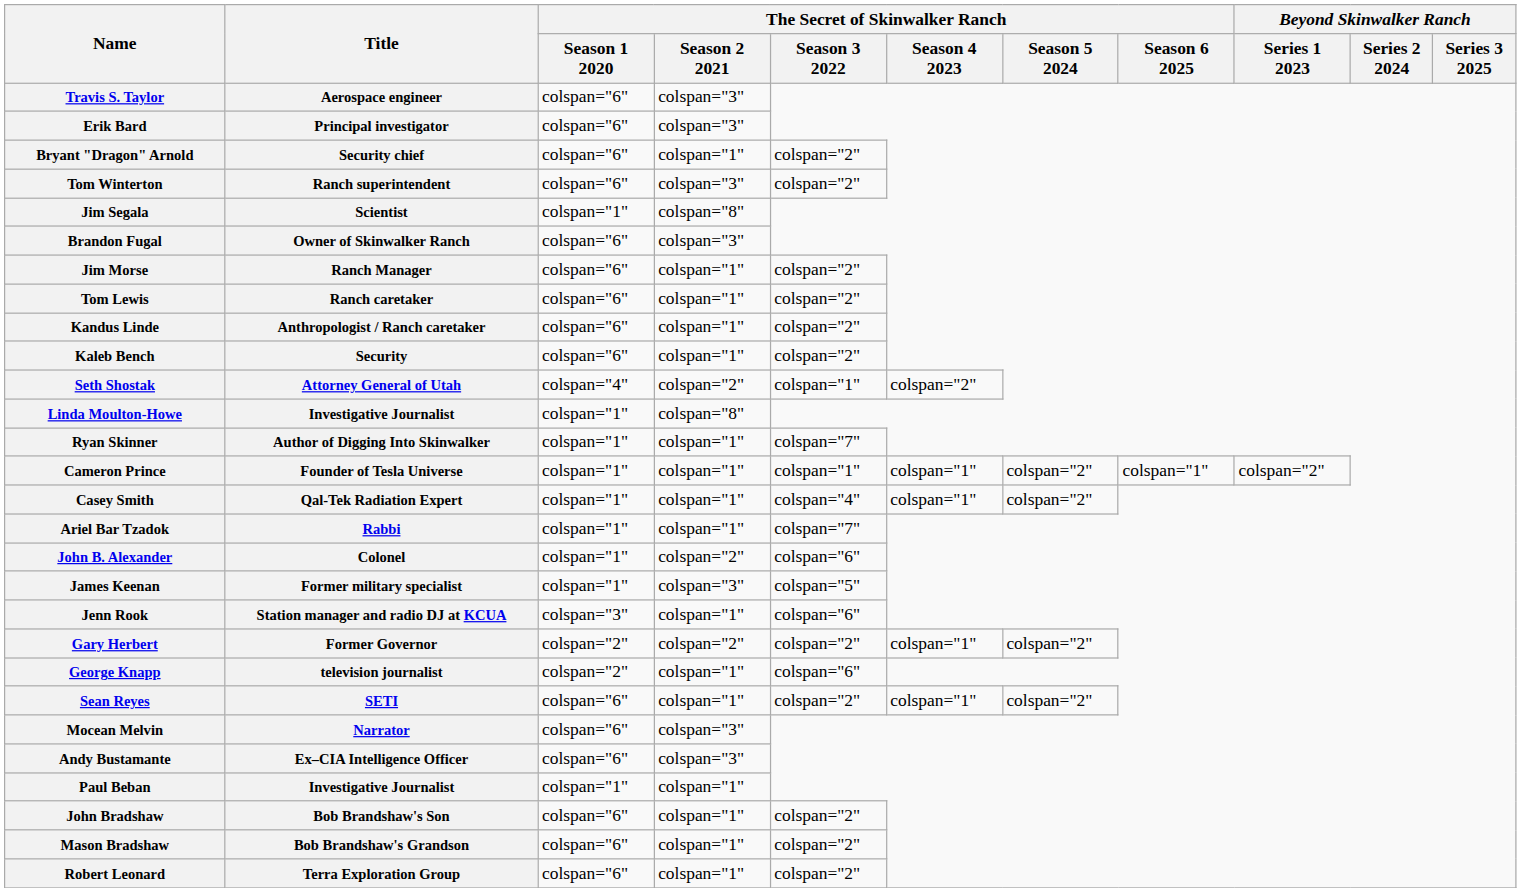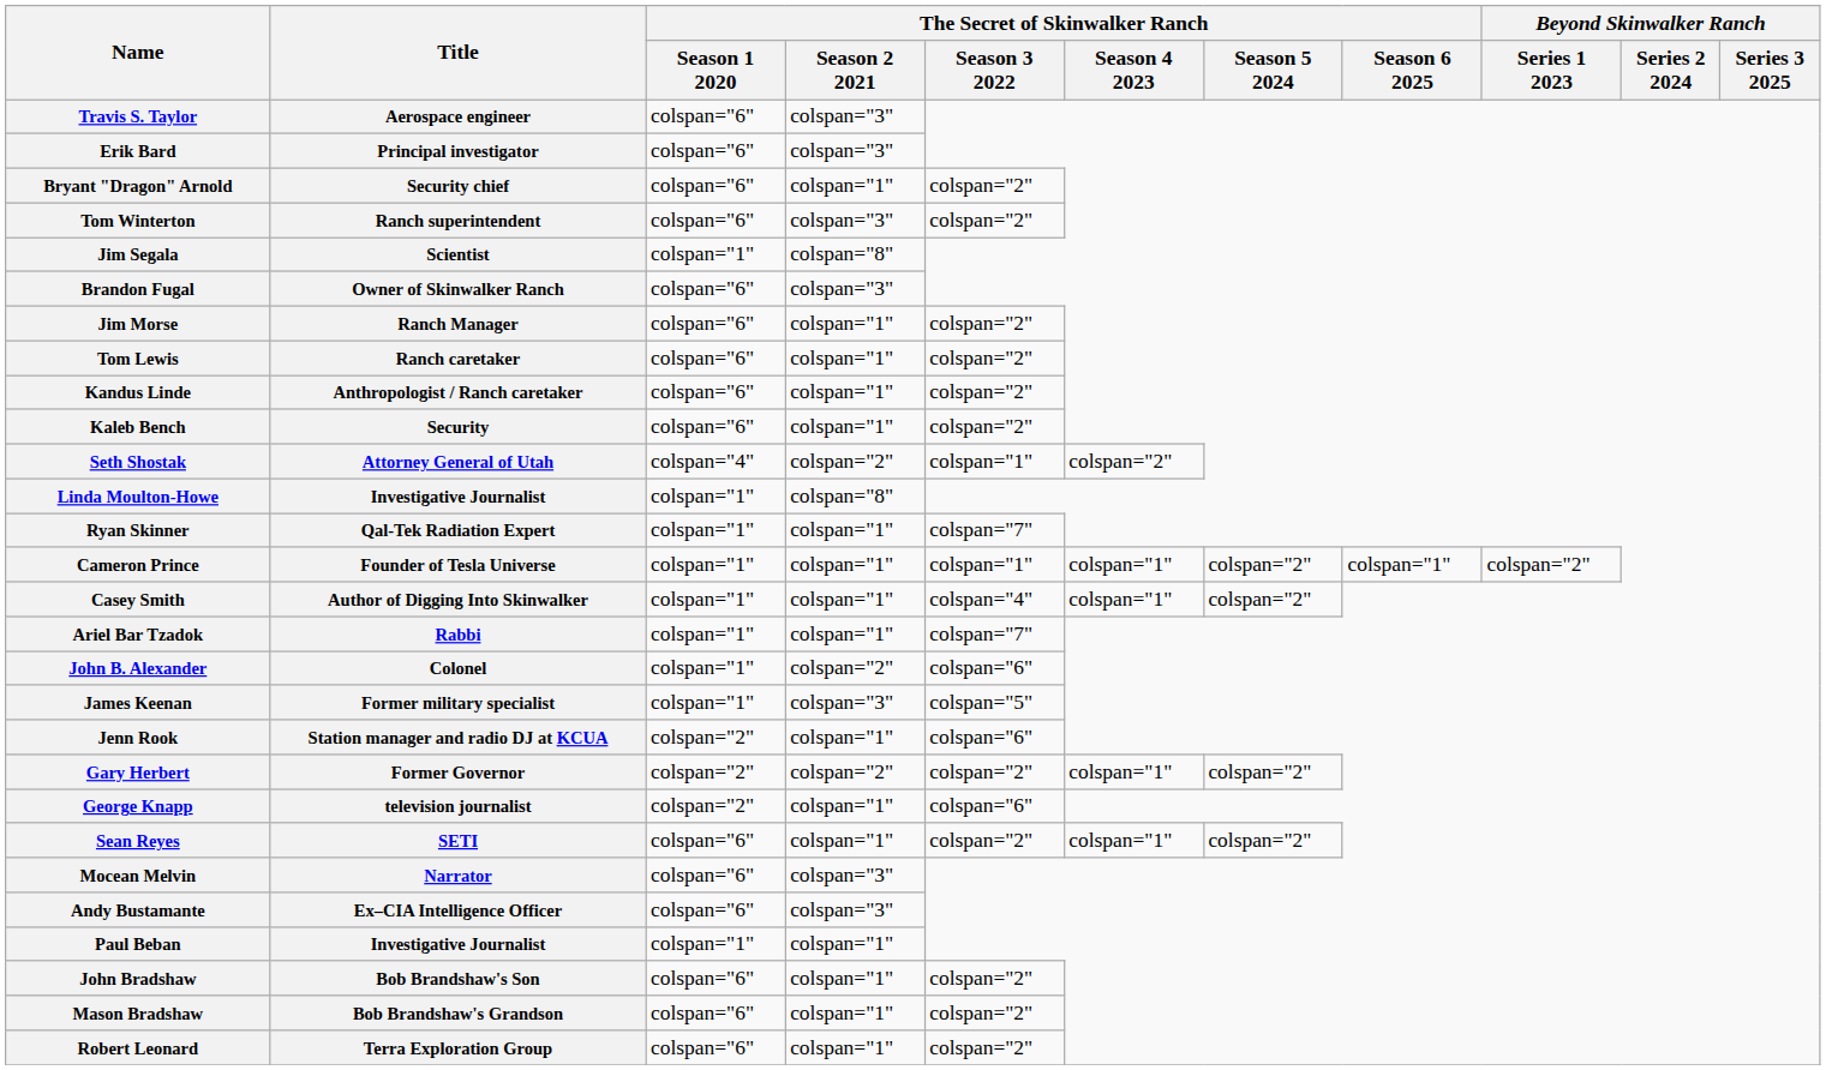 <table class="wikitable" style="font-size: 90%; wisth:100%;">
 <tr>
 <th scope="col" rowspan="2" style="width:10%;">Name</th>
 <th scope="col" rowspan="2" style="width:10%;">Title</th>
 <th scope="col" colspan="6" style="width:10%;"><strong>The Secret of Skinwalker Ranch</strong></th>
 <th scope="col" colspan="3" style="width:10%;"><em>Beyond Skinwalker Ranch</em></th>
 </tr>
 <tr>
 <th scope="col" style="width:4%;">Season 1 <br> 2020</th>
 <th scope="col" style="width:4%;">Season 2 <br> 2021</th>
 <th scope="col" style="width:4%;">Season 3 <br> 2022</th>
 <th scope="col" style="width:4%;">Season 4 <br> 2023</th>
 <th scope="col" style="width:4%;">Season 5 <br> 2024</th>
 <th scope="col" style="width:4%;">Season 6 <br> 2025</th>
 <th scope="col" style="width:4%;">Series 1 <br> 2023</th>
 <th scope="col" style="width:4%;">Series 2 <br> 2024</th>
 <th scope="col" style="width:4%;">Series 3 <br> 2025</th>
 </tr>
 <tr>
 <th nowrap><small><a href='#'>Travis S. Taylor</a></small></th>
 <th nowrap><small> Aerospace engineer</small></th>
 <td>colspan="6" </td>
 <td>colspan="3" </td>
 </tr>
 <tr>
 <th nowrap><small>Erik Bard</small></th>
 <th nowrap><small> Principal investigator</small></th>
 <td>colspan="6" </td>
 <td>colspan="3" </td>
 </tr>
 <tr>
 <th nowrap><small> Bryant "Dragon" Arnold</small></th>
 <th nowrap><small> Security chief</small></th>
 <td>colspan="6" </td>
 <td>colspan="1" </td>
 <td>colspan="2" </td>
 </tr>
 <tr>
 <th nowrap><small> Tom Winterton</small></th>
 <th nowrap><small> Ranch superintendent</small></th>
 <td>colspan="6" </td>
 <td>colspan="3" </td>
 <td>colspan="2" </td>
 </tr>
 <tr>
 <th nowrap><small> Jim Segala</small></th>
 <th nowrap><small> Scientist </small></th>
 <td>colspan="1" </td>
 <td>colspan="8" </td>
 </tr>
 <tr>
 <th nowrap><small> Brandon Fugal</small></th>
 <th nowrap><small> Owner of Skinwalker Ranch</small></th>
 <td>colspan="6" </td>
 <td>colspan="3" </td>
 </tr>
 <tr>
 <th nowrap><small> Jim Morse</small></th>
 <th nowrap><small> Ranch Manager</small></th>
 <td>colspan="6" </td>
 <td>colspan="1" </td>
 <td>colspan="2" </td>
 </tr>
 <tr>
 <th nowrap><small> Tom Lewis</small></th>
 <th nowrap><small> Ranch caretaker</small></th>
 <td>colspan="6" </td>
 <td>colspan="1" </td>
 <td>colspan="2" </td>
 </tr>
 <tr>
 <th nowrap><small> Kandus Linde</small></th>
 <th nowrap><small> Anthropologist / Ranch caretaker</small></th>
 <td>colspan="6" </td>
 <td>colspan="1" </td>
 <td>colspan="2" </td>
 </tr>
 <tr>
 <th nowrap><small> Kaleb Bench</small></th>
 <th nowrap><small> Security</small></th>
 <td>colspan="6" </td>
 <td>colspan="1" </td>
 <td>colspan="2" </td>
 </tr>
 <tr>
 <th nowrap><small> <a href='#'>Seth Shostak </a></small></th>
 <th nowrap><small><a href='#'>Attorney General of Utah</a></small></th>
 <td>colspan="4" </td>
 <td>colspan="2" </td>
 <td>colspan="1" </td>
 <td>colspan="2" </td>
 </tr>
 <tr>
 <th nowrap><small> <a href='#'>Linda Moulton-Howe</a></small></th>
 <th nowrap><small> Investigative Journalist</small></th>
 <td>colspan="1" </td>
 <td>colspan="8" </td>
 </tr>
 <tr>
 <th nowrap><small> Ryan Skinner</small></th>
-<th nowrap><small>Author of Digging Into Skinwalker</small></th>
+<th nowrap><small>Qal-Tek Radiation Expert</small></th>
 <td>colspan="1" </td>
 <td>colspan="1" </td>
 <td>colspan="7" </td>
 </tr>
 <tr>
 <th nowrap><small> Cameron Prince</small></th>
 <th nowrap><small> Founder of Tesla Universe</small></th>
 <td>colspan="1" </td>
 <td>colspan="1" </td>
 <td>colspan="1" </td>
 <td>colspan="1" </td>
 <td>colspan="2" </td>
 <td>colspan="1" </td>
 <td>colspan="2" </td>
 </tr>
 <tr>
 <th nowrap><small> Casey Smith</small></th>
-<th nowrap><small>Qal-Tek Radiation Expert</small></th>
+<th nowrap><small>Author of Digging Into Skinwalker</small></th>
 <td>colspan="1" </td>
 <td>colspan="1" </td>
 <td>colspan="4" </td>
 <td>colspan="1" </td>
 <td>colspan="2" </td>
 </tr>
 <tr>
 <th nowrap><small> Ariel Bar Tzadok</small></th>
 <th nowrap><small><a href='#'>Rabbi</a></small></th>
 <td>colspan="1" </td>
 <td>colspan="1" </td>
 <td>colspan="7" </td>
 </tr>
 <tr>
 <th nowrap><small> <a href='#'>John B. Alexander</a></small></th>
 <th nowrap><small>Colonel </small></th>
 <td>colspan="1" </td>
 <td>colspan="2" </td>
 <td>colspan="6" </td>
 </tr>
 <tr>
 <th nowrap><small> James Keenan</small></th>
 <th nowrap><small>Former military specialist</small></th>
 <td>colspan="1" </td>
 <td>colspan="3" </td>
 <td>colspan="5" </td>
 </tr>
 <tr>
 <th nowrap><small> Jenn Rook</small></th>
 <th nowrap><small>Station manager and radio DJ at <a href='#'>KCUA</a></small></th>
-<td>colspan="3" </td>
+<td>colspan="2" </td>
 <td>colspan="1" </td>
 <td>colspan="6" </td>
 </tr>
 <tr>
 <th nowrap><small> <a href='#'>Gary Herbert</a></small></th>
 <th nowrap><small>Former Governor</small></th>
 <td>colspan="2" </td>
 <td>colspan="2" </td>
 <td>colspan="2" </td>
 <td>colspan="1" </td>
 <td>colspan="2" </td>
 </tr>
 <tr>
 <th nowrap><small> <a href='#'>George Knapp</a></small></th>
 <th nowrap><small>television journalist</small></th>
 <td>colspan="2" </td>
 <td>colspan="1" </td>
 <td>colspan="6" </td>
 </tr>
 <tr>
 <th nowrap><small> <a href='#'>Sean Reyes</a></small></th>
 <th nowrap><small><a href='#'>SETI</a></small></th>
 <td>colspan="6" </td>
 <td>colspan="1" </td>
 <td>colspan="2" </td>
 <td>colspan="1" </td>
 <td>colspan="2" </td>
 </tr>
 <tr>
 <th nowrap><small> Mocean Melvin</small></th>
 <th nowrap><small><a href='#'>Narrator</a></small></th>
 <td>colspan="6" </td>
 <td>colspan="3" </td>
 </tr>
 <tr>
 <th nowrap><small> Andy Bustamante</small></th>
 <th nowrap><small>Ex–CIA Intelligence Officer</small></th>
 <td>colspan="6" </td>
 <td>colspan="3" </td>
 </tr>
 <tr>
 <th nowrap><small> Paul Beban</small></th>
 <th nowrap><small>Investigative Journalist</small></th>
 <td>colspan="1" </td>
 <td>colspan="1" </td>
 </tr>
 <tr>
 <th nowrap><small> John Bradshaw</small></th>
 <th nowrap><small>Bob Brandshaw's Son</small></th>
 <td>colspan="6" </td>
 <td>colspan="1" </td>
 <td>colspan="2" </td>
 </tr>
 <tr>
 <th nowrap><small> Mason Bradshaw</small></th>
 <th nowrap><small>Bob Brandshaw's Grandson</small></th>
 <td>colspan="6" </td>
 <td>colspan="1" </td>
 <td>colspan="2" </td>
 </tr>
 <tr>
 <th nowrap><small> Robert Leonard</small></th>
 <th nowrap><small>Terra Exploration Group</small></th>
 <td>colspan="6" </td>
 <td>colspan="1" </td>
 <td>colspan="2" </td>
 </tr>
 </table>
